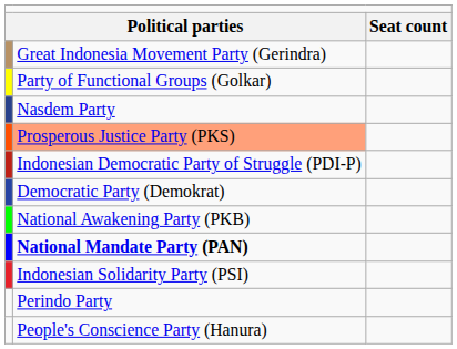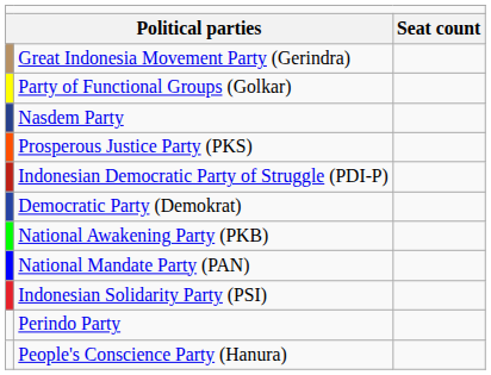 <table class="wikitable">
 <tr>
 <td colspan="4"></td>
 </tr>
 <tr>
 <th colspan="2">Political parties</th>
 <th>Seat count</th>
 </tr>
 <tr>
 <td bgcolor=#B79164></td>
 <td><a href='#'>Great Indonesia Movement Party</a> (Gerindra)</td>
 <td></td>
 </tr>
 <tr>
 <td bgcolor=#FFFF00></td>
 <td><a href='#'>Party of Functional Groups</a> (Golkar)</td>
 <td></td>
 </tr>
 <tr>
 <td bgcolor=#27408B></td>
 <td><a href='#'>Nasdem Party</a></td>
 <td></td>
 </tr>
 <tr>
 <td bgcolor=#FF4F00></td>
-<td style="background: lightsalmon;"><a href='#'>Prosperous Justice Party</a> (PKS)</td>
+<td><a href='#'>Prosperous Justice Party</a> (PKS)</td>
 <td></td>
 </tr>
 <tr>
 <td bgcolor=#BD2016></td>
 <td><a href='#'>Indonesian Democratic Party of Struggle</a> (PDI-P)</td>
 <td></td>
 </tr>
 <tr>
 <td bgcolor=#2643A3></td>
 <td><a href='#'>Democratic Party</a> (Demokrat)</td>
 <td></td>
 </tr>
 <tr>
 <td bgcolor=#00FF00></td>
 <td><a href='#'>National Awakening Party</a> (PKB)</td>
 <td></td>
 </tr>
 <tr>
 <td bgcolor=#0000FF></td>
-<td><strong><a href='#'>National Mandate Party</a> (PAN)</strong></td>
+<td><a href='#'>National Mandate Party</a> (PAN)</td>
 <td></td>
 </tr>
 <tr>
 <td bgcolor=#E6212A></td>
 <td><a href='#'>Indonesian Solidarity Party</a> (PSI)</td>
 <td></td>
 </tr>
 <tr>
 <td bgcolor=></td>
 <td><a href='#'>Perindo Party</a></td>
 <td></td>
 </tr>
 <tr>
 <td bgcolor=></td>
 <td><a href='#'>People's Conscience Party</a> (Hanura)</td>
 <td></td>
 </tr>
 </table>
